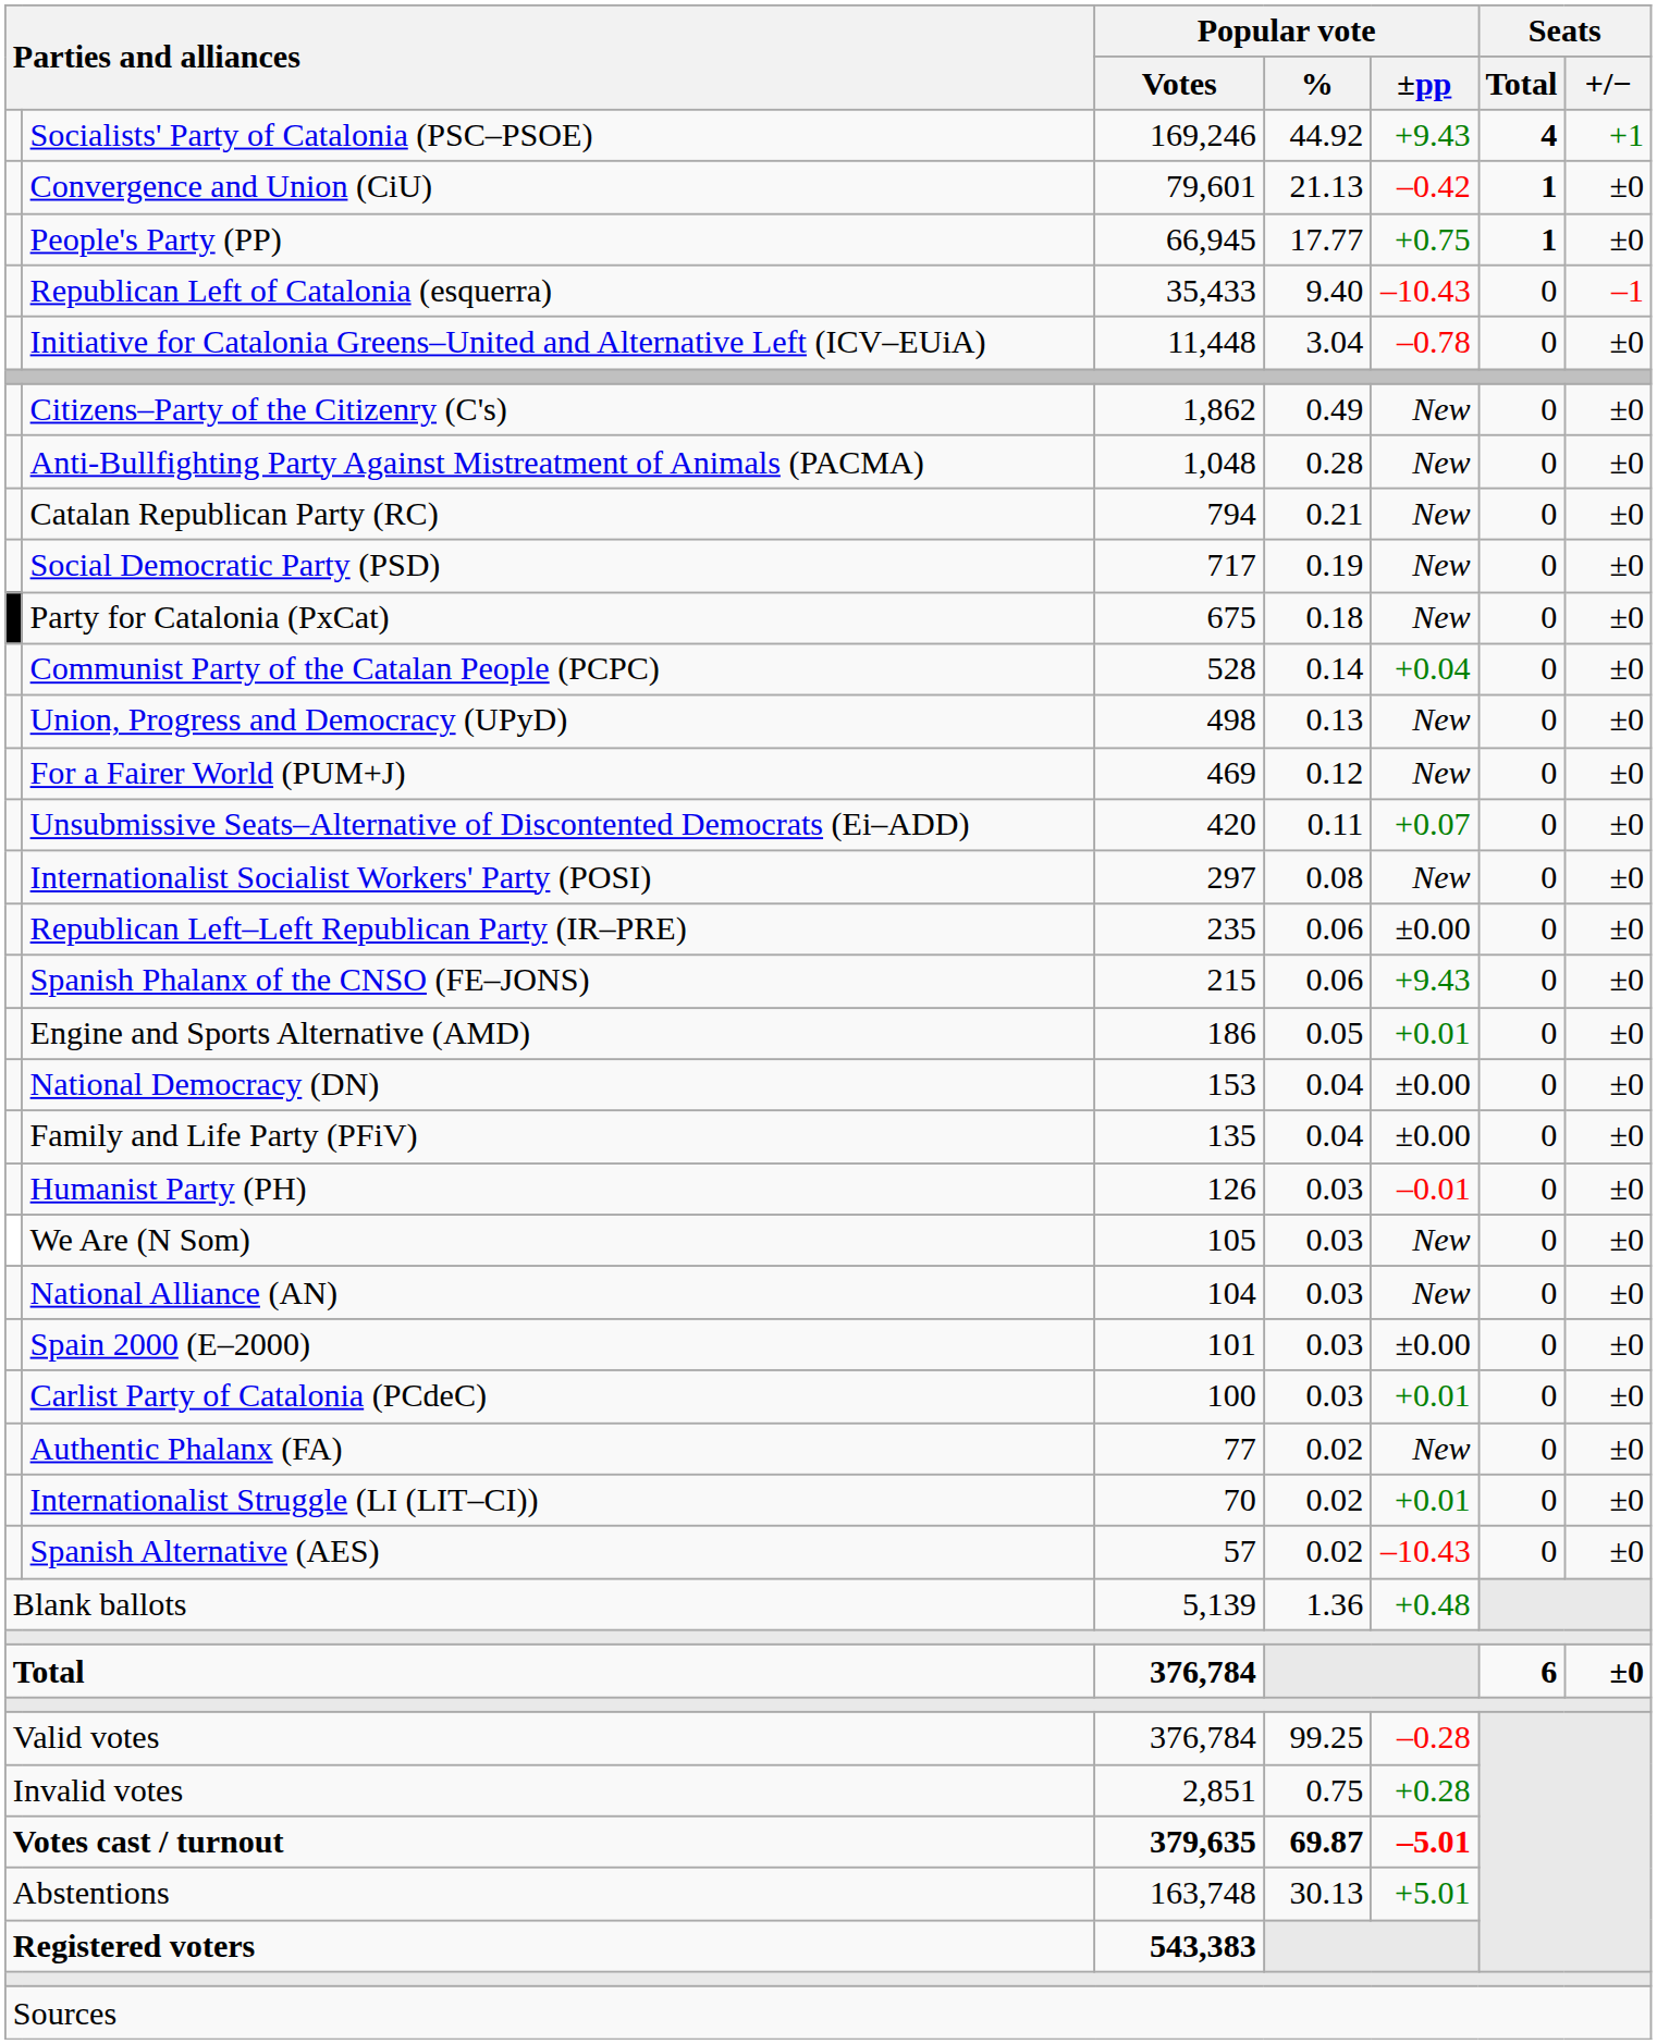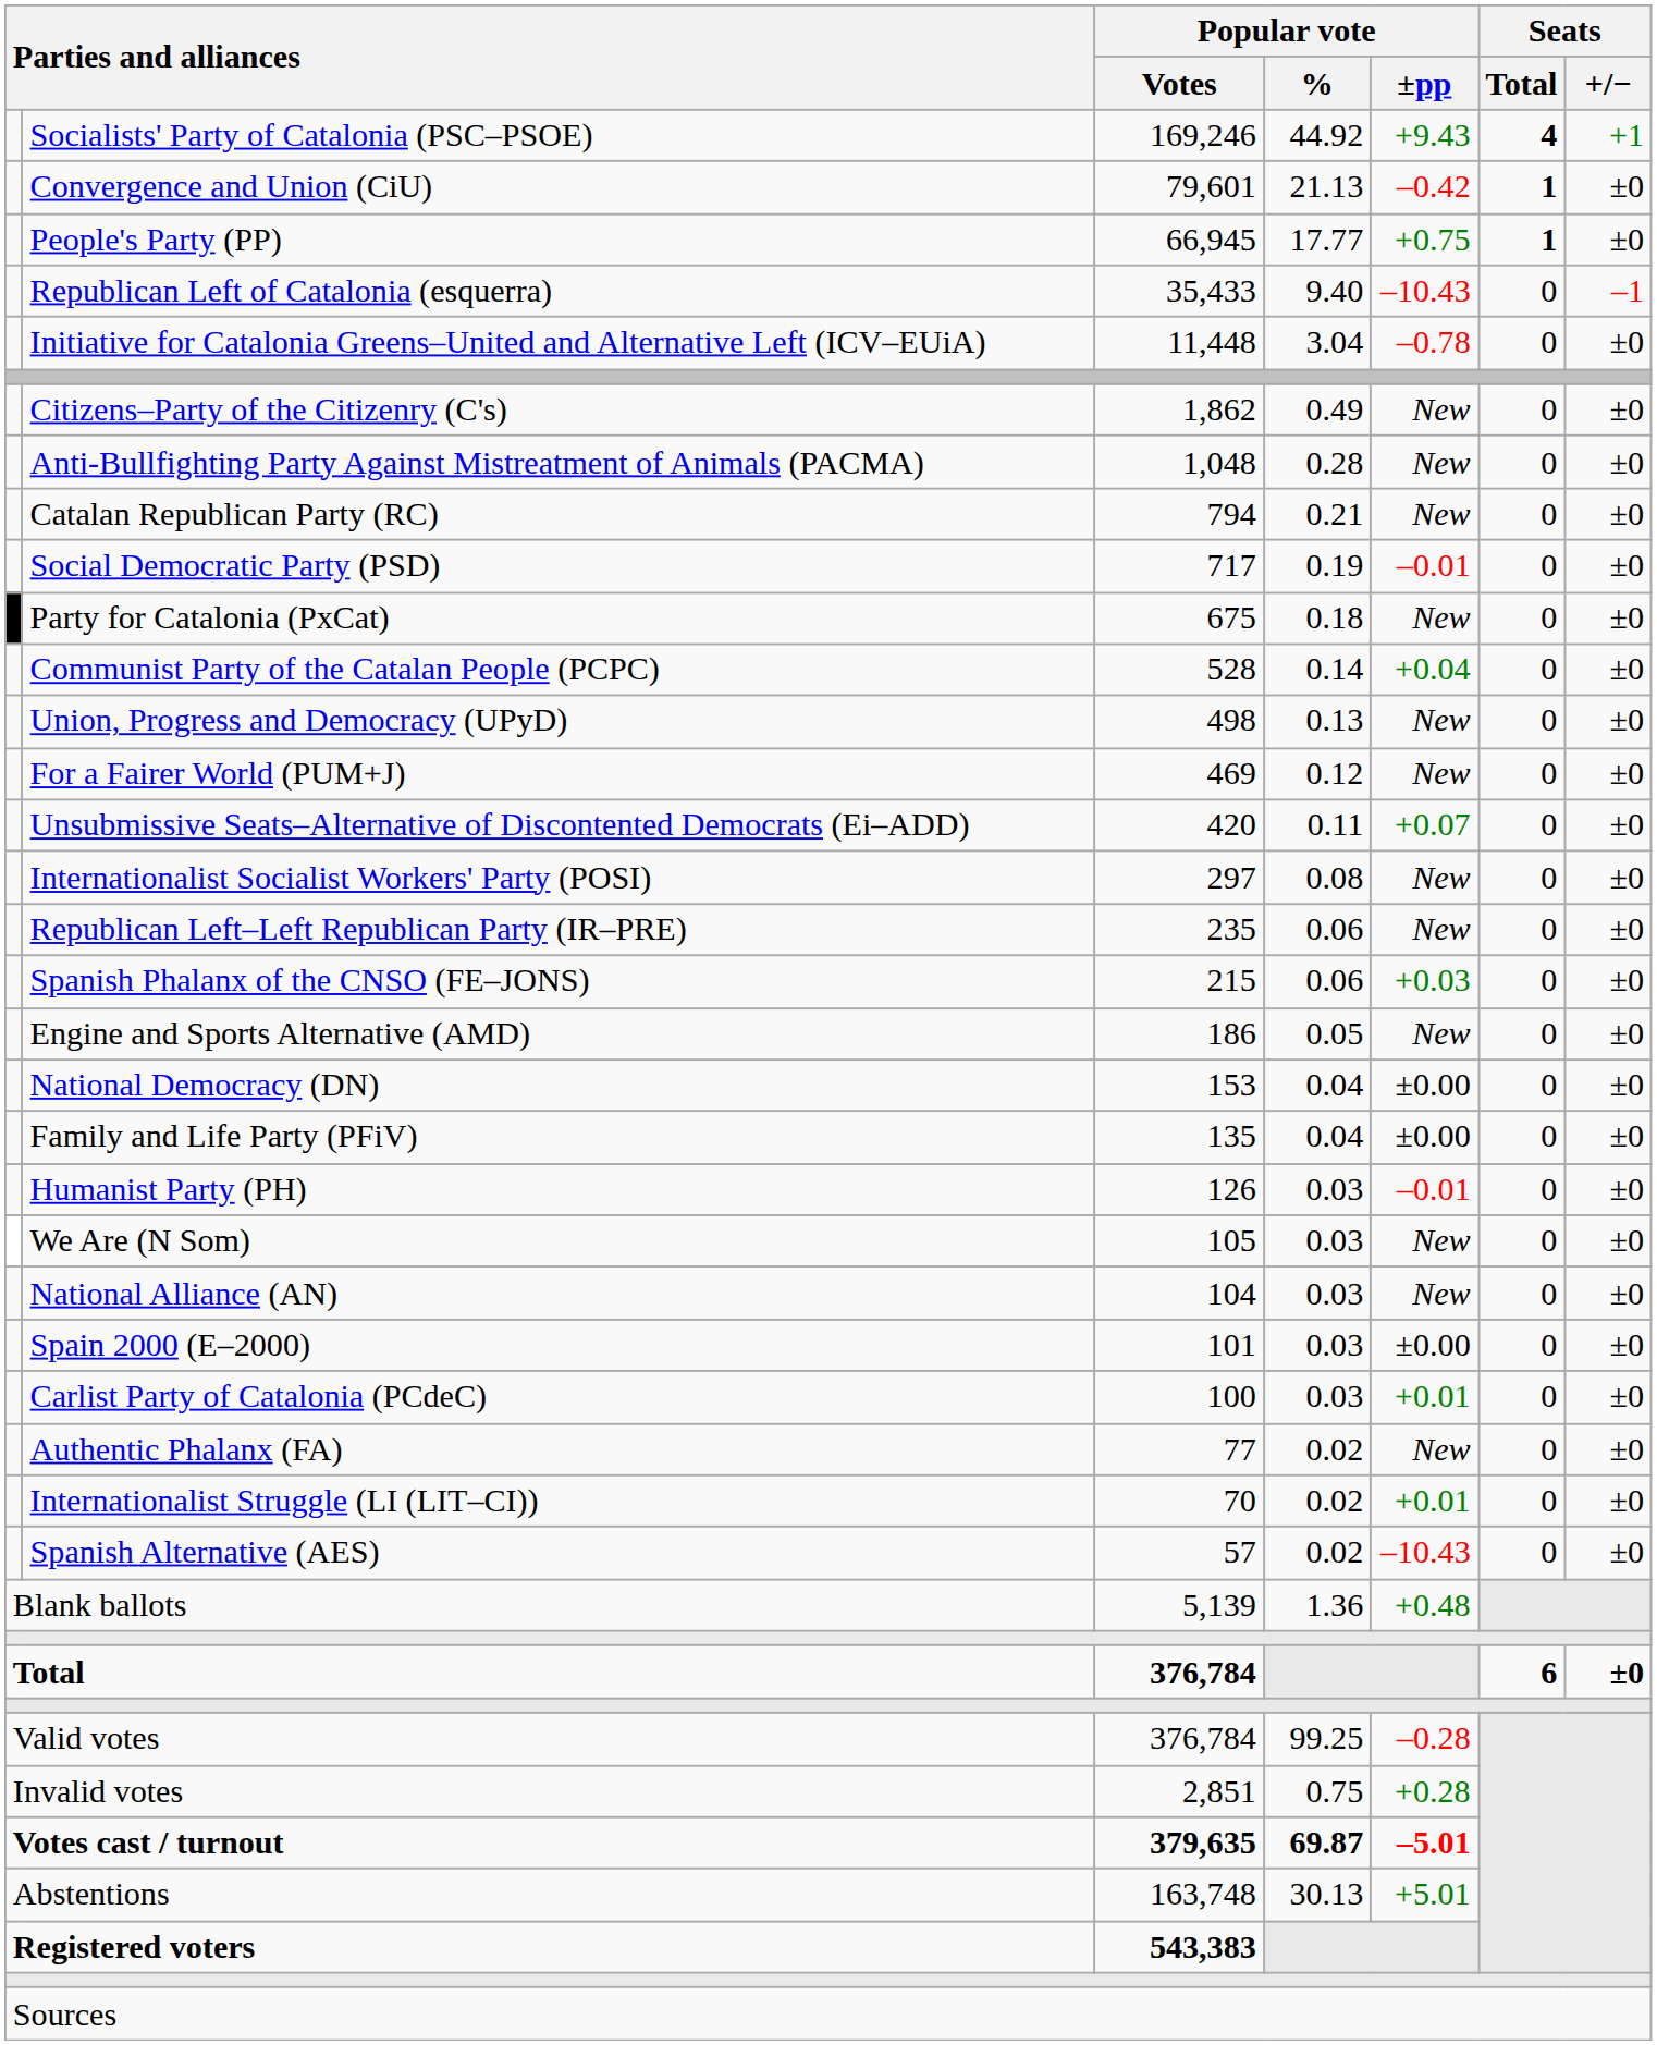 <table class="wikitable" style="text-align:right;">
 <tr>
 <th style="text-align:left;" rowspan="2" colspan="2" width="525">Parties and alliances</th>
 <th colspan="3">Popular vote</th>
 <th colspan="2">Seats</th>
 </tr>
 <tr>
 <th width="75">Votes</th>
 <th width="45">%</th>
 <th width="45">±<a href='#'>pp</a></th>
 <th width="35">Total</th>
 <th width="35">+/−</th>
 </tr>
 <tr>
 <td width="1" style="color:inherit;background:"></td>
 <td align="left"><a href='#'>Socialists' Party of Catalonia</a> (PSC–PSOE)</td>
 <td>169,246</td>
 <td>44.92</td>
 <td style="color:green;">+9.43</td>
 <td><strong>4</strong></td>
 <td style="color:green;">+1</td>
 </tr>
 <tr>
 <td style="color:inherit;background:"></td>
 <td align="left"><a href='#'>Convergence and Union</a> (CiU)</td>
 <td>79,601</td>
 <td>21.13</td>
 <td style="color:red;">–0.42</td>
 <td><strong>1</strong></td>
 <td>±0</td>
 </tr>
 <tr>
 <td style="color:inherit;background:"></td>
 <td align="left"><a href='#'>People's Party</a> (PP)</td>
 <td>66,945</td>
 <td>17.77</td>
 <td style="color:green;">+0.75</td>
 <td><strong>1</strong></td>
 <td>±0</td>
 </tr>
 <tr>
 <td style="color:inherit;background:"></td>
 <td align="left"><a href='#'>Republican Left of Catalonia</a> (esquerra)</td>
 <td>35,433</td>
 <td>9.40</td>
 <td style="color:red;">–10.43</td>
 <td>0</td>
 <td style="color:red;">–1</td>
 </tr>
 <tr>
 <td style="color:inherit;background:"></td>
 <td align="left"><a href='#'>Initiative for Catalonia Greens–United and Alternative Left</a> (ICV–EUiA)</td>
 <td>11,448</td>
 <td>3.04</td>
 <td style="color:red;">–0.78</td>
 <td>0</td>
 <td>±0</td>
 </tr>
 <tr>
 <td colspan="7" bgcolor="#C0C0C0"></td>
 </tr>
 <tr>
 <td style="color:inherit;background:"></td>
 <td align="left"><a href='#'>Citizens–Party of the Citizenry</a> (C's)</td>
 <td>1,862</td>
 <td>0.49</td>
 <td><em>New</em></td>
 <td>0</td>
 <td>±0</td>
 </tr>
 <tr>
 <td style="color:inherit;background:"></td>
 <td align="left"><a href='#'>Anti-Bullfighting Party Against Mistreatment of Animals</a> (PACMA)</td>
 <td>1,048</td>
 <td>0.28</td>
 <td><em>New</em></td>
 <td>0</td>
 <td>±0</td>
 </tr>
 <tr>
 <td style="color:inherit;background:"></td>
 <td align="left">Catalan Republican Party (RC)</td>
 <td>794</td>
 <td>0.21</td>
 <td><em>New</em></td>
 <td>0</td>
 <td>±0</td>
 </tr>
 <tr>
 <td style="color:inherit;background:"></td>
 <td align="left"><a href='#'>Social Democratic Party</a> (PSD)</td>
 <td>717</td>
 <td>0.19</td>
-<td><em>New</em></td>
+<td style="color:red;">–0.01</td>
 <td>0</td>
 <td>±0</td>
 </tr>
 <tr>
 <td bgcolor="black"></td>
 <td align="left">Party for Catalonia (PxCat)</td>
 <td>675</td>
 <td>0.18</td>
 <td><em>New</em></td>
 <td>0</td>
 <td>±0</td>
 </tr>
 <tr>
 <td style="color:inherit;background:"></td>
 <td align="left"><a href='#'>Communist Party of the Catalan People</a> (PCPC)</td>
 <td>528</td>
 <td>0.14</td>
 <td style="color:green;">+0.04</td>
 <td>0</td>
 <td>±0</td>
 </tr>
 <tr>
 <td style="color:inherit;background:"></td>
 <td align="left"><a href='#'>Union, Progress and Democracy</a> (UPyD)</td>
 <td>498</td>
 <td>0.13</td>
 <td><em>New</em></td>
 <td>0</td>
 <td>±0</td>
 </tr>
 <tr>
 <td style="color:inherit;background:"></td>
 <td align="left"><a href='#'>For a Fairer World</a> (PUM+J)</td>
 <td>469</td>
 <td>0.12</td>
 <td><em>New</em></td>
 <td>0</td>
 <td>±0</td>
 </tr>
 <tr>
 <td style="color:inherit;background:"></td>
 <td align="left"><a href='#'>Unsubmissive Seats–Alternative of Discontented Democrats</a> (Ei–ADD)</td>
 <td>420</td>
 <td>0.11</td>
 <td style="color:green;">+0.07</td>
 <td>0</td>
 <td>±0</td>
 </tr>
 <tr>
 <td style="color:inherit;background:"></td>
 <td align="left"><a href='#'>Internationalist Socialist Workers' Party</a> (POSI)</td>
 <td>297</td>
 <td>0.08</td>
 <td><em>New</em></td>
 <td>0</td>
 <td>±0</td>
 </tr>
 <tr>
 <td style="color:inherit;background:"></td>
 <td align="left"><a href='#'>Republican Left–Left Republican Party</a> (IR–PRE)</td>
 <td>235</td>
 <td>0.06</td>
-<td>±0.00</td>
+<td><em>New</em></td>
 <td>0</td>
 <td>±0</td>
 </tr>
 <tr>
 <td style="color:inherit;background:"></td>
 <td align="left"><a href='#'>Spanish Phalanx of the CNSO</a> (FE–JONS)</td>
 <td>215</td>
 <td>0.06</td>
-<td style="color:green;">+9.43</td>
+<td style="color:green;">+0.03</td>
 <td>0</td>
 <td>±0</td>
 </tr>
 <tr>
 <td style="color:inherit;background:"></td>
 <td align="left">Engine and Sports Alternative (AMD)</td>
 <td>186</td>
 <td>0.05</td>
-<td style="color:green;">+0.01</td>
+<td><em>New</em></td>
 <td>0</td>
 <td>±0</td>
 </tr>
 <tr>
 <td style="color:inherit;background:"></td>
 <td align="left"><a href='#'>National Democracy</a> (DN)</td>
 <td>153</td>
 <td>0.04</td>
 <td>±0.00</td>
 <td>0</td>
 <td>±0</td>
 </tr>
 <tr>
 <td style="color:inherit;background:"></td>
 <td align="left">Family and Life Party (PFiV)</td>
 <td>135</td>
 <td>0.04</td>
 <td>±0.00</td>
 <td>0</td>
 <td>±0</td>
 </tr>
 <tr>
 <td style="color:inherit;background:"></td>
 <td align="left"><a href='#'>Humanist Party</a> (PH)</td>
 <td>126</td>
 <td>0.03</td>
 <td style="color:red;">–0.01</td>
 <td>0</td>
 <td>±0</td>
 </tr>
 <tr>
 <td bgcolor="white"></td>
 <td align="left">We Are (N Som)</td>
 <td>105</td>
 <td>0.03</td>
 <td><em>New</em></td>
 <td>0</td>
 <td>±0</td>
 </tr>
 <tr>
 <td style="color:inherit;background:"></td>
 <td align="left"><a href='#'>National Alliance</a> (AN)</td>
 <td>104</td>
 <td>0.03</td>
 <td><em>New</em></td>
 <td>0</td>
 <td>±0</td>
 </tr>
 <tr>
 <td style="color:inherit;background:"></td>
 <td align="left"><a href='#'>Spain 2000</a> (E–2000)</td>
 <td>101</td>
 <td>0.03</td>
 <td>±0.00</td>
 <td>0</td>
 <td>±0</td>
 </tr>
 <tr>
 <td style="color:inherit;background:"></td>
 <td align="left"><a href='#'>Carlist Party of Catalonia</a> (PCdeC)</td>
 <td>100</td>
 <td>0.03</td>
 <td style="color:green;">+0.01</td>
 <td>0</td>
 <td>±0</td>
 </tr>
 <tr>
 <td style="color:inherit;background:"></td>
 <td align="left"><a href='#'>Authentic Phalanx</a> (FA)</td>
 <td>77</td>
 <td>0.02</td>
 <td><em>New</em></td>
 <td>0</td>
 <td>±0</td>
 </tr>
 <tr>
 <td style="color:inherit;background:"></td>
 <td align="left"><a href='#'>Internationalist Struggle</a> (LI (LIT–CI))</td>
 <td>70</td>
 <td>0.02</td>
 <td style="color:green;">+0.01</td>
 <td>0</td>
 <td>±0</td>
 </tr>
 <tr>
 <td style="color:inherit;background:"></td>
 <td align="left"><a href='#'>Spanish Alternative</a> (AES)</td>
 <td>57</td>
 <td>0.02</td>
 <td style="color:red;">–10.43</td>
 <td>0</td>
 <td>±0</td>
 </tr>
 <tr>
 <td align="left" colspan="2">Blank ballots</td>
 <td>5,139</td>
 <td>1.36</td>
 <td style="color:green;">+0.48</td>
 <td bgcolor="#E9E9E9" colspan="2"></td>
 </tr>
 <tr>
 <td colspan="7" bgcolor="#E9E9E9"></td>
 </tr>
 <tr style="font-weight:bold;">
 <td align="left" colspan="2">Total</td>
 <td>376,784</td>
 <td bgcolor="#E9E9E9" colspan="2"></td>
 <td>6</td>
 <td>±0</td>
 </tr>
 <tr>
 <td colspan="7" bgcolor="#E9E9E9"></td>
 </tr>
 <tr>
 <td align="left" colspan="2">Valid votes</td>
 <td>376,784</td>
 <td>99.25</td>
 <td style="color:red;">–0.28</td>
 <td bgcolor="#E9E9E9" colspan="2" rowspan="5"></td>
 </tr>
 <tr>
 <td align="left" colspan="2">Invalid votes</td>
 <td>2,851</td>
 <td>0.75</td>
 <td style="color:green;">+0.28</td>
 </tr>
 <tr style="font-weight:bold;">
 <td align="left" colspan="2">Votes cast / turnout</td>
 <td>379,635</td>
 <td>69.87</td>
 <td style="color:red;">–5.01</td>
 </tr>
 <tr>
 <td align="left" colspan="2">Abstentions</td>
 <td>163,748</td>
 <td>30.13</td>
 <td style="color:green;">+5.01</td>
 </tr>
 <tr style="font-weight:bold;">
 <td align="left" colspan="2">Registered voters</td>
 <td>543,383</td>
 <td bgcolor="#E9E9E9" colspan="2"></td>
 </tr>
 <tr>
 <td colspan="7" bgcolor="#E9E9E9"></td>
 </tr>
 <tr>
 <td align="left" colspan="7">Sources</td>
 </tr>
 </table>
